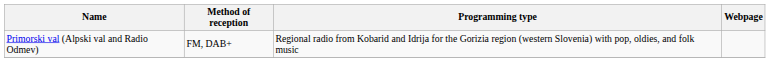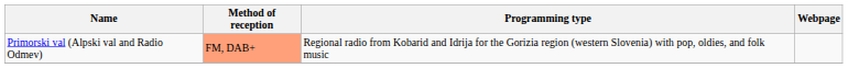 <table class="wikitable">
 <tr>
 <th>Name</th>
 <th>Method of reception</th>
 <th>Programming type</th>
 <th>Webpage</th>
 </tr>
 <tr>
 <td><a href='#'>Primorski val</a> (Alpski val and Radio Odmev)</td>
-<td>FM, DAB+</td>
+<td style="background: lightsalmon;">FM, DAB+</td>
 <td>Regional radio from Kobarid and Idrija for the Gorizia region (western Slovenia) with pop, oldies, and folk music</td>
 <td></td>
 </tr>
 <tr>
 </tr>
 </table>
